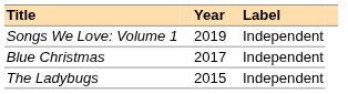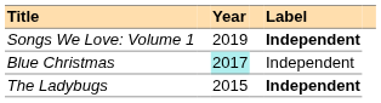 <table cellspacing="0" cellpadding="2" border="0">
 <tr style="background:#ffdead;">
 <th style="text-align:left; border-bottom:1px solid gray; border-top:1px solid gray;">Title</th>
 <th style="width:10px; border-bottom:1px solid gray; border-top:1px solid gray;"></th>
 <th style="text-align:left; border-bottom:1px solid gray; border-top:1px solid gray;">Year</th>
 <th style="width:10px; border-bottom:1px solid gray; border-top:1px solid gray;"></th>
 <th style="text-align:left; border-bottom:1px solid gray; border-top:1px solid gray;">Label</th>
 <th style="width:10px; border-bottom:1px solid gray; border-top:1px solid gray;"></th>
 </tr>
 <tr>
 <td style="border-bottom:1px solid gray;"><em>Songs We Love: Volume 1</em></td>
 <td style="border-bottom:1px solid gray;"></td>
 <td style="border-bottom:1px solid gray;">2019</td>
 <td style="border-bottom:1px solid gray;"></td>
-<td style="border-bottom:1px solid gray;">Independent</td>
+<td style="border-bottom:1px solid gray;"><strong>Independent</strong></td>
 </tr>
 <tr>
 <td style="border-bottom:1px solid gray;"><em>Blue Christmas</em></td>
 <td style="border-bottom:1px solid gray;"></td>
-<td style="border-bottom:1px solid gray;">2017</td>
+<td style="background: paleturquoise; border-bottom:1px solid gray;">2017</td>
 <td style="border-bottom:1px solid gray;"></td>
 <td style="border-bottom:1px solid gray;">Independent</td>
 </tr>
 <tr>
 <td style="border-bottom:1px solid gray;"><em>The Ladybugs</em></td>
 <td style="border-bottom:1px solid gray;"></td>
 <td style="border-bottom:1px solid gray;">2015</td>
 <td style="border-bottom:1px solid gray;"></td>
-<td style="border-bottom:1px solid gray;">Independent</td>
+<td style="border-bottom:1px solid gray;"><strong>Independent</strong></td>
 </tr>
 </table>
